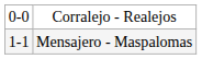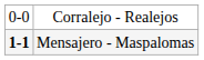 <table class="wikitable">
 <tr align=center bgcolor=white>
 <td>0-0</td>
 <td>Corralejo - Realejos</td>
 </tr>
 <tr align=center bgcolor=#F5F5F5>
-<td>1-1</td>
+<td><strong>1-1</strong></td>
 <td>Mensajero - Maspalomas</td>
 </tr>
 </table>
